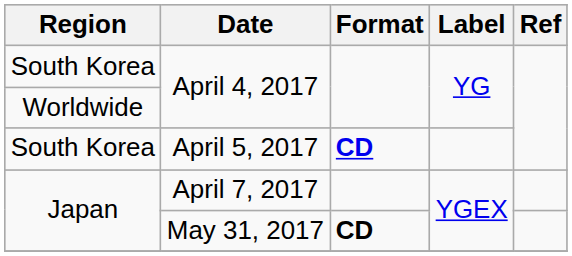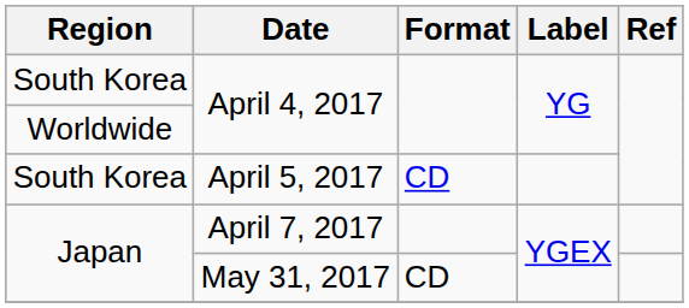 <table class="wikitable">
 <tr>
 <th>Region</th>
 <th>Date</th>
 <th>Format</th>
 <th>Label</th>
 <th>Ref</th>
 </tr>
 <tr>
 <td style="text-align:center;">South Korea</td>
 <td style="text-align:center;" rowspan=2>April 4, 2017</td>
 <td rowspan=2></td>
 <td style="text-align:center;" rowspan=2><a href='#'>YG</a></td>
 <td style="text-align:center;" rowspan=3></td>
 </tr>
 <tr>
 <td style="text-align:center;">Worldwide</td>
 </tr>
 <tr>
 <td style="text-align:center;">South Korea</td>
 <td style="text-align:center;">April 5, 2017</td>
-<td><strong><a href='#'>CD</a></strong></td>
+<td><a href='#'>CD</a></td>
 <td style="text-align:center;"></td>
 </tr>
 <tr>
 <td style="text-align:center;" rowspan=2>Japan</td>
 <td style="text-align:center;">April 7, 2017</td>
 <td></td>
 <td style="text-align:center;" rowspan=2><a href='#'>YGEX</a></td>
 <td style="text-align:center;"></td>
 </tr>
 <tr>
 <td style="text-align:center;">May 31, 2017</td>
-<td><strong>CD</strong></td>
+<td>CD</td>
 <td style="text-align:center;"></td>
 </tr>
 <tr>
 </tr>
 </table>
